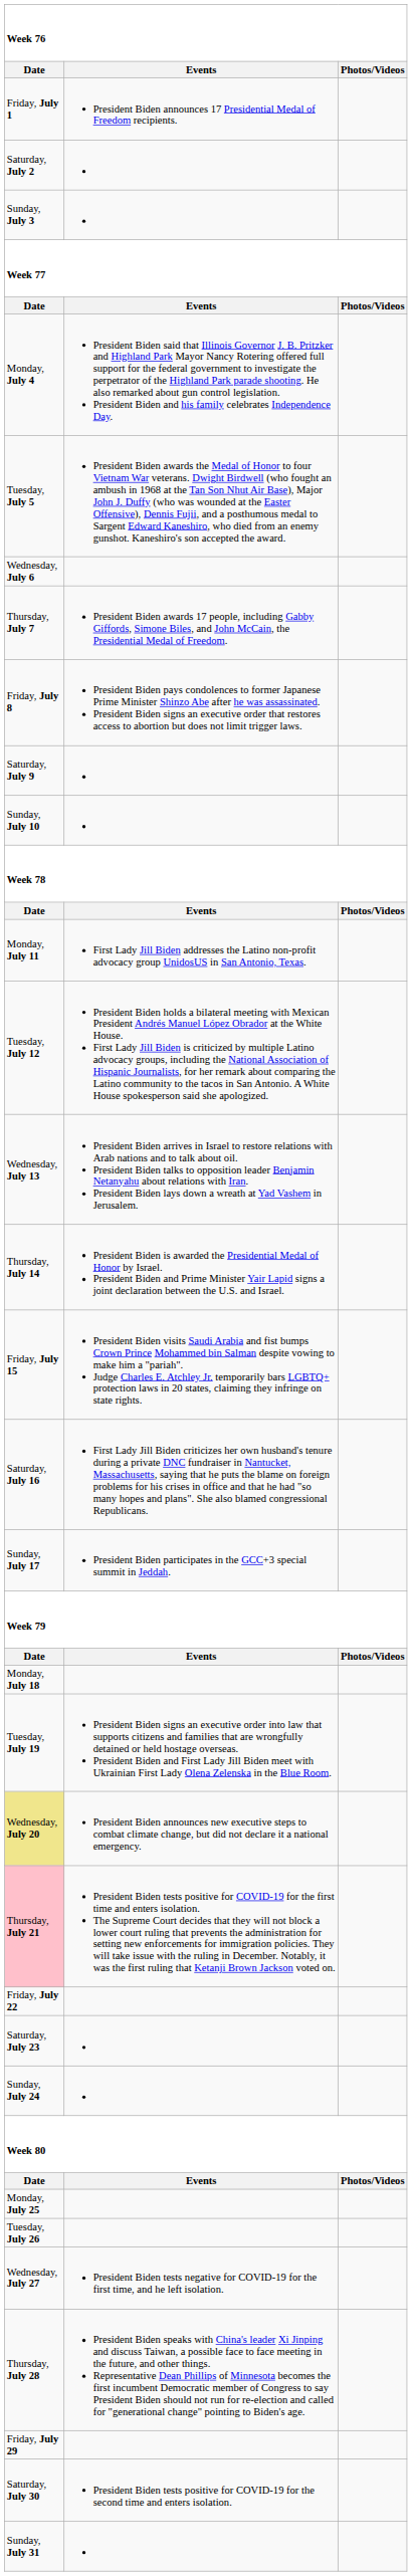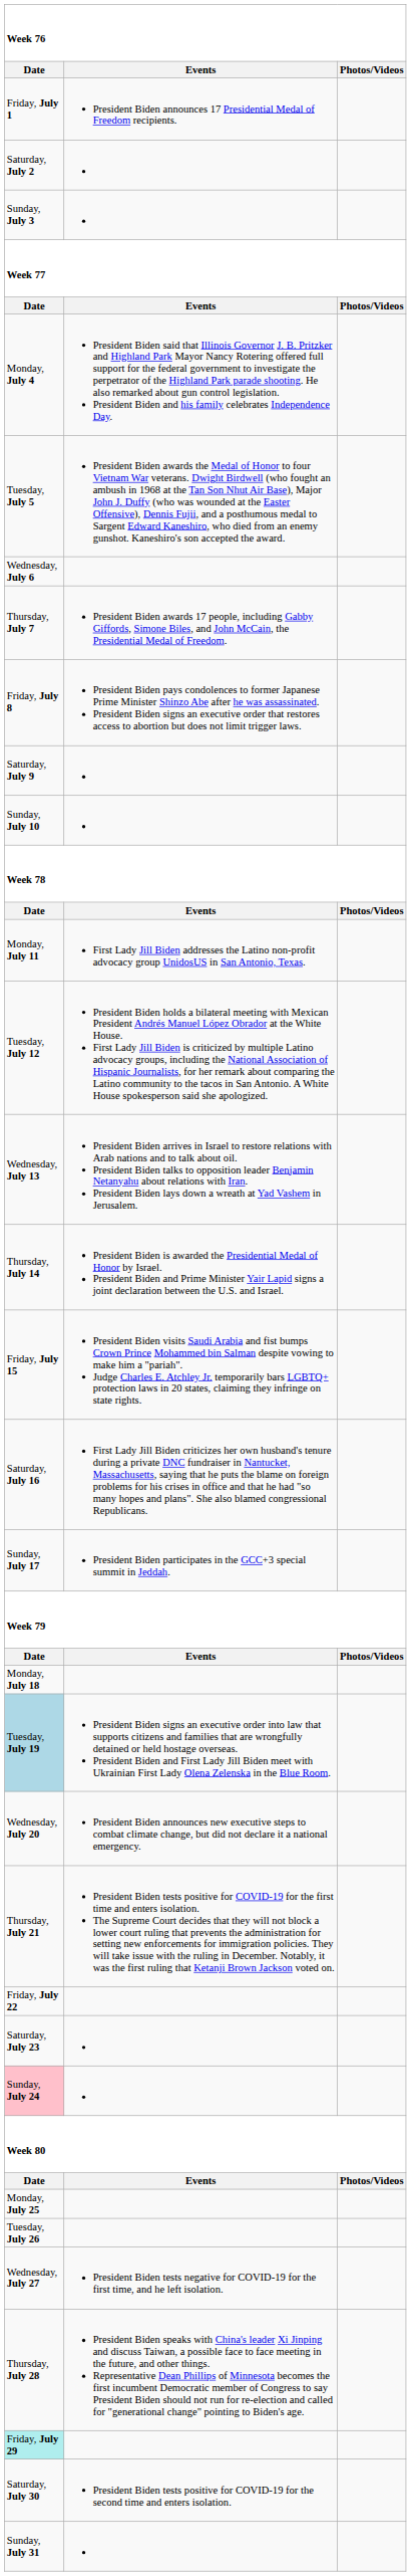 <table class="wikitable">
 <tr style="background:white;">
 <td colspan="3"><br><h4>Week 76</h4></td>
 </tr>
 <tr>
 <th>Date</th>
 <th>Events</th>
 <th>Photos/Videos</th>
 </tr>
 <tr>
 <td>Friday, <strong>July 1</strong></td>
 <td><br><ul><li>President Biden announces 17 <a href='#'>Presidential Medal of Freedom</a> recipients.</li></ul></td>
 <td></td>
 </tr>
 <tr>
 <td>Saturday, <strong>July 2</strong></td>
 <td><br><ul><li></li></ul></td>
 <td></td>
 </tr>
 <tr>
 <td>Sunday, <strong>July 3</strong></td>
 <td><br><ul><li></li></ul></td>
 <td></td>
 </tr>
 <tr style="background:white;">
 <td colspan="3"><br><h4>Week 77</h4></td>
 </tr>
 <tr>
 <th>Date</th>
 <th>Events</th>
 <th>Photos/Videos</th>
 </tr>
 <tr>
 <td>Monday, <strong>July 4</strong></td>
 <td><br><ul><li>President Biden said that <a href='#'>Illinois Governor</a> <a href='#'>J. B. Pritzker</a> and <a href='#'>Highland Park</a> Mayor Nancy Rotering offered full support for the federal government to investigate the perpetrator of the <a href='#'>Highland Park parade shooting</a>. He also remarked about gun control legislation.</li><li>President Biden and <a href='#'>his family</a> celebrates <a href='#'>Independence Day</a>.</li></ul></td>
 <td></td>
 </tr>
 <tr>
 <td>Tuesday, <strong>July 5</strong></td>
 <td><br><ul><li>President Biden awards the <a href='#'>Medal of Honor</a> to four <a href='#'>Vietnam War</a> veterans. <a href='#'>Dwight Birdwell</a> (who fought an ambush in 1968 at the <a href='#'>Tan Son Nhut Air Base</a>), Major <a href='#'>John J. Duffy</a> (who was wounded at the <a href='#'>Easter Offensive</a>), <a href='#'>Dennis Fujii</a>, and a posthumous medal to Sargent <a href='#'>Edward Kaneshiro</a>, who died from an enemy gunshot. Kaneshiro's son accepted the award.</li></ul></td>
 <td></td>
 </tr>
 <tr>
 <td>Wednesday, <strong>July 6</strong></td>
 <td></td>
 <td></td>
 </tr>
 <tr>
 <td>Thursday, <strong>July 7</strong></td>
 <td><br><ul><li>President Biden awards 17 people, including <a href='#'>Gabby Giffords</a>, <a href='#'>Simone Biles</a>, and <a href='#'>John McCain</a>, the <a href='#'>Presidential Medal of Freedom</a>.</li></ul></td>
 <td></td>
 </tr>
 <tr>
 <td>Friday, <strong>July 8</strong></td>
 <td><br><ul><li>President Biden pays condolences to former Japanese Prime Minister <a href='#'>Shinzo Abe</a> after <a href='#'>he was assassinated</a>.</li><li>President Biden signs an executive order that restores access to abortion but does not limit trigger laws.</li></ul></td>
 <td></td>
 </tr>
 <tr>
 <td>Saturday, <strong>July 9</strong></td>
 <td><br><ul><li></li></ul></td>
 <td></td>
 </tr>
 <tr>
 <td>Sunday, <strong>July 10</strong></td>
 <td><br><ul><li></li></ul></td>
 <td></td>
 </tr>
 <tr style="background:white;">
 <td colspan="3"><br><h4>Week 78</h4></td>
 </tr>
 <tr>
 <th>Date</th>
 <th>Events</th>
 <th>Photos/Videos</th>
 </tr>
 <tr>
 <td>Monday, <strong>July 11</strong></td>
 <td><br><ul><li>First Lady <a href='#'>Jill Biden</a> addresses the Latino non-profit advocacy group <a href='#'>UnidosUS</a> in <a href='#'>San Antonio, Texas</a>.</li></ul></td>
 <td></td>
 </tr>
 <tr>
 <td>Tuesday, <strong>July 12</strong></td>
 <td><br><ul><li>President Biden holds a bilateral meeting with Mexican President <a href='#'>Andrés Manuel López Obrador</a> at the White House.</li><li>First Lady <a href='#'>Jill Biden</a> is criticized by multiple Latino advocacy groups, including the <a href='#'>National Association of Hispanic Journalists</a>, for her remark about comparing the Latino community to the tacos in San Antonio. A White House spokesperson said she apologized.</li></ul></td>
 <td></td>
 </tr>
 <tr>
 <td>Wednesday, <strong>July 13</strong></td>
 <td><br><ul><li>President Biden arrives in Israel to restore relations with Arab nations and to talk about oil.</li><li>President Biden talks to opposition leader <a href='#'>Benjamin Netanyahu</a> about relations with <a href='#'>Iran</a>.</li><li>President Biden lays down a wreath at <a href='#'>Yad Vashem</a> in Jerusalem.</li></ul></td>
 <td><br></td>
 </tr>
 <tr>
 <td>Thursday, <strong>July 14</strong></td>
 <td><br><ul><li>President Biden is awarded the <a href='#'>Presidential Medal of Honor</a> by Israel.</li><li>President Biden and Prime Minister <a href='#'>Yair Lapid</a> signs a joint declaration between the U.S. and Israel.</li></ul></td>
 <td><br></td>
 </tr>
 <tr>
 <td>Friday, <strong>July 15</strong></td>
 <td><br><ul><li>President Biden visits <a href='#'>Saudi Arabia</a> and fist bumps <a href='#'>Crown Prince</a> <a href='#'>Mohammed bin Salman</a> despite vowing to make him a "pariah".</li><li>Judge <a href='#'>Charles E. Atchley Jr.</a> temporarily bars <a href='#'>LGBTQ+</a> protection laws in 20 states, claiming they infringe on state rights.</li></ul></td>
 <td></td>
 </tr>
 <tr>
 <td>Saturday, <strong>July 16</strong></td>
 <td><br><ul><li>First Lady Jill Biden criticizes her own husband's tenure during a private <a href='#'>DNC</a> fundraiser in <a href='#'>Nantucket, Massachusetts</a>, saying that he puts the blame on foreign problems for his crises in office and that he had "so many hopes and plans". She also blamed congressional Republicans.</li></ul></td>
 <td></td>
 </tr>
 <tr>
 <td>Sunday, <strong>July 17</strong></td>
 <td><br><ul><li>President Biden participates in the <a href='#'>GCC</a>+3 special summit in <a href='#'>Jeddah</a>.</li></ul></td>
 <td></td>
 </tr>
 <tr style="background:white;">
 <td colspan="3"><br><h4>Week 79</h4></td>
 </tr>
 <tr>
 <th>Date</th>
 <th>Events</th>
 <th>Photos/Videos</th>
 </tr>
 <tr>
 <td>Monday, <strong>July 18</strong></td>
 <td></td>
 <td></td>
 </tr>
 <tr>
-<td>Tuesday, <strong>July 19</strong></td>
+<td style="background: lightblue;">Tuesday, <strong>July 19</strong></td>
 <td><br><ul><li>President Biden signs an executive order into law that supports citizens and families that are wrongfully detained or held hostage overseas.</li><li>President Biden and First Lady Jill Biden meet with Ukrainian First Lady <a href='#'>Olena Zelenska</a> in the <a href='#'>Blue Room</a>.</li></ul></td>
 <td></td>
 </tr>
 <tr>
-<td style="background: khaki;">Wednesday, <strong>July 20</strong></td>
+<td>Wednesday, <strong>July 20</strong></td>
 <td><br><ul><li>President Biden announces new executive steps to combat climate change, but did not declare it a national emergency.</li></ul></td>
 <td></td>
 </tr>
 <tr>
-<td style="background: pink;">Thursday, <strong>July 21</strong></td>
+<td>Thursday, <strong>July 21</strong></td>
 <td><br><ul><li>President Biden tests positive for <a href='#'>COVID-19</a> for the first time and enters isolation.</li><li>The Supreme Court decides that they will not block a lower court ruling that prevents the administration for setting new enforcements for immigration policies. They will take issue with the ruling in December. Notably, it was the first ruling that <a href='#'>Ketanji Brown Jackson</a> voted on.</li></ul></td>
 <td></td>
 </tr>
 <tr>
 <td>Friday, <strong>July 22</strong></td>
 <td></td>
 <td></td>
 </tr>
 <tr>
 <td>Saturday, <strong>July 23</strong></td>
 <td><br><ul><li></li></ul></td>
 <td></td>
 </tr>
 <tr>
-<td>Sunday, <strong>July 24</strong></td>
+<td style="background: pink;">Sunday, <strong>July 24</strong></td>
 <td><br><ul><li></li></ul></td>
 <td></td>
 </tr>
 <tr style="background:white;">
 <td colspan="3"><br><h4>Week 80</h4></td>
 </tr>
 <tr>
 <th>Date</th>
 <th>Events</th>
 <th>Photos/Videos</th>
 </tr>
 <tr>
 <td>Monday, <strong>July 25</strong></td>
 <td></td>
 <td></td>
 </tr>
 <tr>
 <td>Tuesday, <strong>July 26</strong></td>
 <td></td>
 <td></td>
 </tr>
 <tr>
 <td>Wednesday, <strong>July 27</strong></td>
 <td><br><ul><li>President Biden tests negative for COVID-19 for the first time, and he left isolation.</li></ul></td>
 <td></td>
 </tr>
 <tr>
 <td>Thursday, <strong>July 28</strong></td>
 <td><br><ul><li>President Biden speaks with <a href='#'>China's leader</a> <a href='#'>Xi Jinping</a> and discuss Taiwan, a possible face to face meeting in the future, and other things.</li><li>Representative <a href='#'>Dean Phillips</a> of <a href='#'>Minnesota</a> becomes the first incumbent Democratic member of Congress to say President Biden should not run for re-election and called for "generational change" pointing to Biden's age.</li></ul></td>
 <td></td>
 </tr>
 <tr>
-<td>Friday, <strong>July 29</strong></td>
+<td style="background: paleturquoise;">Friday, <strong>July 29</strong></td>
 <td></td>
 <td></td>
 </tr>
 <tr>
 <td>Saturday, <strong>July 30</strong></td>
 <td><br><ul><li>President Biden tests positive for COVID-19 for the second time and enters isolation.</li></ul></td>
 <td></td>
 </tr>
 <tr>
 <td>Sunday, <strong>July 31</strong></td>
 <td><br><ul><li></li></ul></td>
 <td></td>
 </tr>
 </table>
